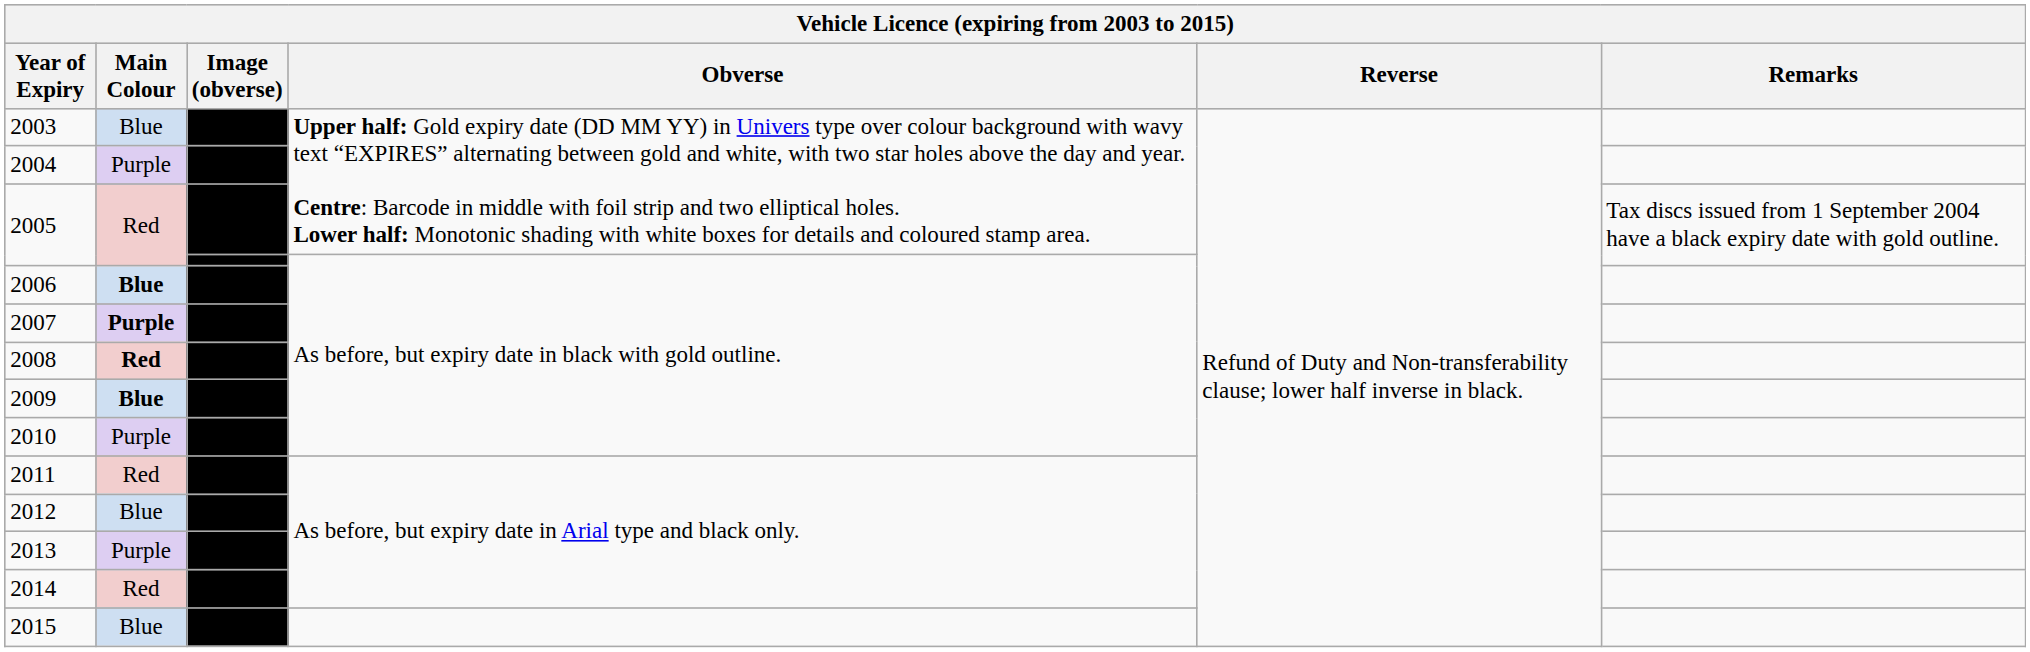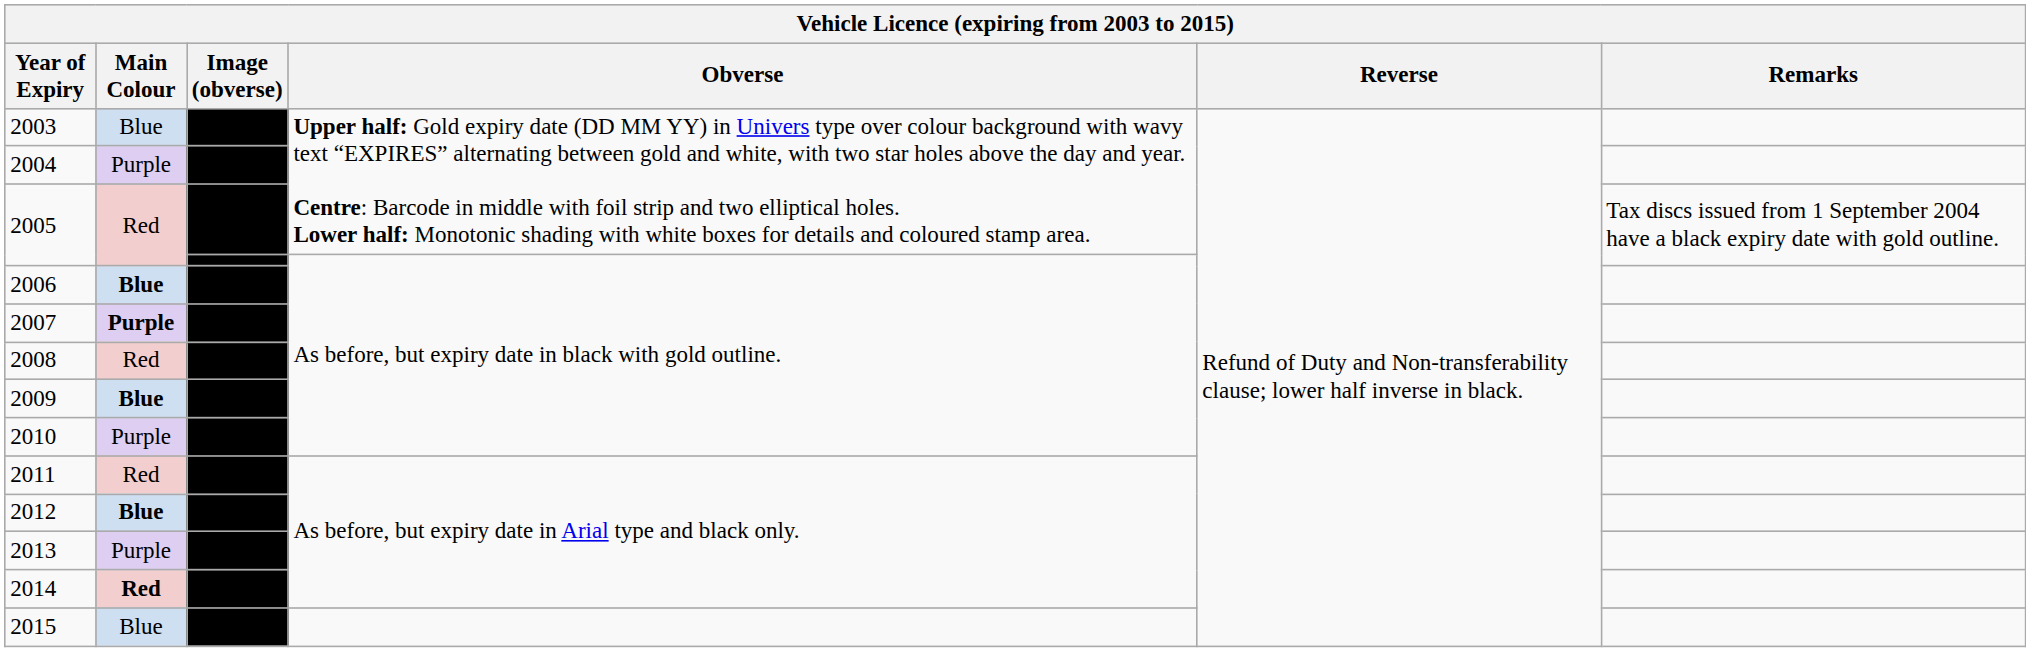 <table class="wikitable collapsible autocollapse" style="font-size: 90%; width: 100%">
 <tr>
 <th colspan="7">Vehicle Licence (expiring from 2003 to 2015)</th>
 </tr>
 <tr>
 <th style="width: 50px">Year of Expiry</th>
 <th style="width: 50px">Main Colour</th>
 <th style="width: 53px">Image (obverse)</th>
 <th>Obverse</th>
 <th>Reverse</th>
 <th>Remarks</th>
 </tr>
 <tr>
 <td>2003</td>
 <td align="center" bgcolor=#cedff2>Blue</td>
 <td bgcolor=#000></td>
 <td rowspan=3><strong>Upper half:</strong> Gold expiry date (DD MM YY) in <a href='#'>Univers</a> type over colour background with wavy text “EXPIRES” alternating between gold and white, with two star holes above the day and year.<br><br><strong>Centre</strong>: Barcode in middle with foil strip and two elliptical holes.<br> <strong>Lower half:</strong> Monotonic shading with white boxes for details and coloured stamp area.</td>
 <td rowspan="14">Refund of Duty and Non-transferability clause; lower half inverse in black.</td>
 <td></td>
 </tr>
 <tr>
 <td>2004</td>
 <td align="center" bgcolor=#ddcef2>Purple</td>
 <td bgcolor=#000></td>
 <td></td>
 </tr>
 <tr>
 <td rowspan=2>2005</td>
 <td align="center" bgcolor=#f2cece rowspan=2>Red</td>
 <td bgcolor=#000></td>
 <td rowspan=2>Tax discs issued from 1 September 2004 have a black expiry date with gold outline.</td>
 </tr>
 <tr>
 <td bgcolor=#000></td>
 <td rowspan="6">As before, but expiry date in black with gold outline.</td>
 </tr>
 <tr>
 <td>2006</td>
 <td align="center" bgcolor=#cedff2><strong>Blue</strong></td>
 <td bgcolor=#000></td>
 <td></td>
 </tr>
 <tr>
 <td>2007</td>
 <td align="center" bgcolor=#ddcef2><strong>Purple</strong></td>
 <td bgcolor=#000></td>
 <td></td>
 </tr>
 <tr>
 <td>2008</td>
-<td align="center" bgcolor=#f2cece><strong>Red</strong></td>
+<td align="center" bgcolor=#f2cece>Red</td>
 <td bgcolor=#000></td>
 <td></td>
 </tr>
 <tr>
 <td>2009</td>
 <td align="center" bgcolor=#cedff2><strong>Blue</strong></td>
 <td bgcolor=#000></td>
 <td></td>
 </tr>
 <tr>
 <td>2010</td>
 <td align="center" bgcolor=#ddcef2>Purple</td>
 <td bgcolor=#000></td>
 <td></td>
 </tr>
 <tr>
 <td>2011</td>
 <td align="center" bgcolor=#f2cece>Red</td>
 <td bgcolor=#000></td>
 <td rowspan="4">As before, but expiry date in <a href='#'>Arial</a> type and black only.</td>
 <td></td>
 </tr>
 <tr>
 <td>2012</td>
-<td align="center" bgcolor=#cedff2>Blue</td>
+<td align="center" bgcolor=#cedff2><strong>Blue</strong></td>
 <td bgcolor=#000></td>
 <td></td>
 </tr>
 <tr>
 <td>2013</td>
 <td align="center" bgcolor=#ddcef2>Purple</td>
 <td bgcolor=#000></td>
 <td></td>
 </tr>
 <tr>
 <td>2014</td>
-<td align="center" bgcolor=#f2cece>Red</td>
+<td align="center" bgcolor=#f2cece><strong>Red</strong></td>
 <td bgcolor=#000></td>
 <td></td>
 </tr>
 <tr>
 <td>2015</td>
 <td align="center" bgcolor=#cedff2>Blue</td>
 <td bgcolor=#000></td>
 <td></td>
 </tr>
 </table>
